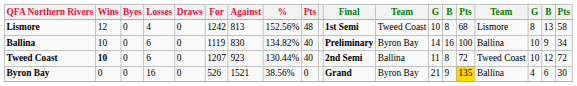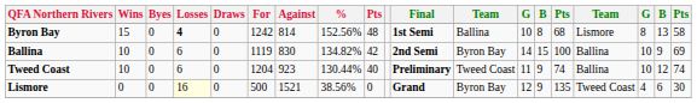 <table style="font-size: 85%; text-align: left;" class="wikitable">
 <tr>
 <th style="color:crimson">QFA Northern Rivers</th>
 <th style="color:crimson">Wins</th>
 <th style="color:crimson">Byes</th>
 <th style="color:crimson">Losses</th>
 <th style="color:crimson">Draws</th>
 <th style="color:crimson">For</th>
 <th style="color:crimson">Against</th>
 <th style="color:crimson">%</th>
 <th style="color:crimson">Pts</th>
 <th></th>
 <th style="color:green">Final</th>
 <th style="color:green">Team</th>
 <th style="color:green">G</th>
 <th style="color:green">B</th>
 <th style="color:green">Pts</th>
 <th style="color:green">Team</th>
 <th style="color:green">G</th>
 <th style="color:green">B</th>
 <th style="color:green">Pts</th>
 </tr>
 <tr>
 </tr>
 <tr>
 </tr>
 <tr>
-<td><strong>	Lismore	</strong></td>
-<td>12</td>
+<td><strong>	Byron Bay	</strong></td>
+<td>15</td>
 <td>0</td>
-<td>4</td>
+<td><strong>4</strong></td>
 <td>0</td>
 <td>1242</td>
-<td>813</td>
+<td>814</td>
 <td>152.56%</td>
 <td>48</td>
 <td></td>
 <td><strong>1st Semi</strong></td>
-<td>Tweed Coast</td>
+<td>Ballina</td>
 <td>10</td>
 <td>8</td>
 <td>68</td>
 <td>Lismore</td>
 <td>8</td>
 <td>13</td>
 <td>58</td>
 </tr>
 <tr>
 <td><strong>	Ballina	</strong></td>
 <td>10</td>
 <td>0</td>
 <td>6</td>
 <td>0</td>
 <td>1119</td>
 <td>830</td>
 <td>134.82%</td>
-<td>40</td>
+<td>42</td>
 <td></td>
-<td><strong>Preliminary</strong></td>
+<td><strong>2nd Semi</strong></td>
 <td>Byron Bay</td>
 <td>14</td>
-<td>16</td>
+<td>15</td>
 <td>100</td>
 <td>Ballina</td>
 <td>10</td>
 <td>9</td>
-<td>34</td>
+<td>69</td>
 </tr>
 <tr>
 <td><strong>	Tweed Coast	</strong></td>
-<td><strong>10</strong></td>
+<td>10</td>
 <td>0</td>
 <td>6</td>
 <td>0</td>
-<td>1207</td>
+<td>1204</td>
 <td>923</td>
 <td>130.44%</td>
 <td>40</td>
 <td></td>
-<td><strong>2nd Semi</strong></td>
+<td><strong>Preliminary</strong></td>
+<td>Tweed Coast</td>
+<td>11</td>
+<td>9</td>
+<td>74</td>
 <td>Ballina</td>
-<td>11</td>
-<td>8</td>
-<td>72</td>
-<td>Tweed Coast</td>
 <td>10</td>
 <td>12</td>
-<td>72</td>
+<td>74</td>
 </tr>
 <tr>
-<td><strong>	Byron Bay	</strong></td>
+<td><strong>	Lismore	</strong></td>
 <td>0</td>
 <td>0</td>
-<td>16</td>
+<td style="background: lightyellow;">16</td>
 <td>0</td>
-<td>526</td>
+<td>500</td>
 <td>1521</td>
 <td>38.56%</td>
 <td>0</td>
 <td></td>
 <td><strong>Grand</strong></td>
 <td>Byron Bay</td>
-<td>21</td>
+<td>12</td>
 <td>9</td>
-<td style="background: gold;">135</td>
-<td>Ballina</td>
+<td>135</td>
+<td>Tweed Coast</td>
 <td>4</td>
 <td>6</td>
 <td>30</td>
 </tr>
 <tr>
 </tr>
 </table>
